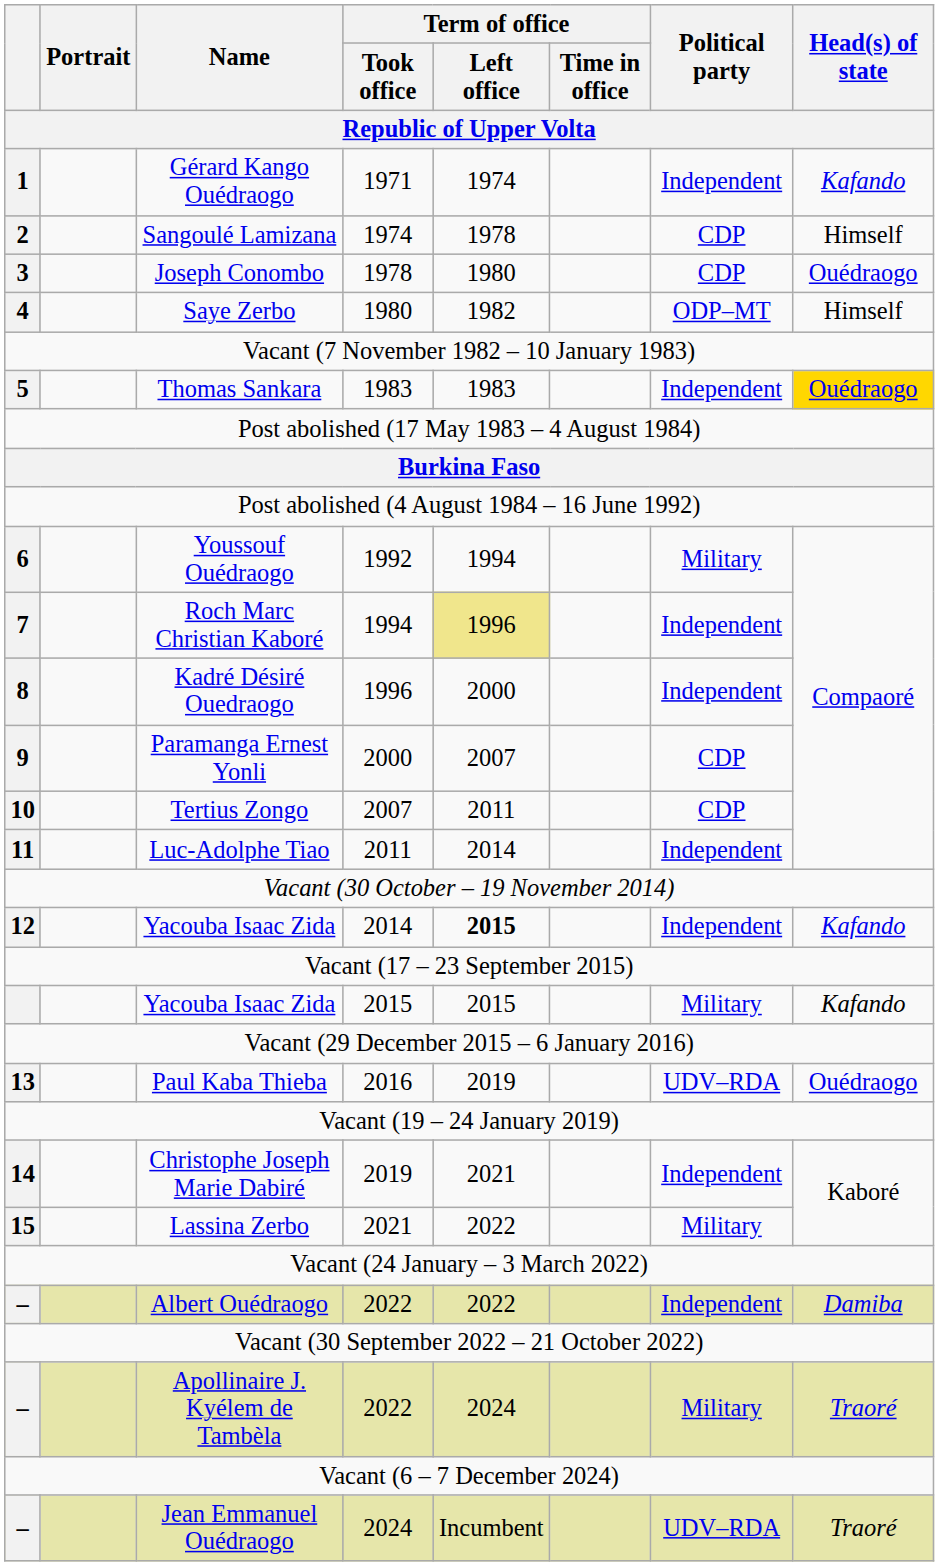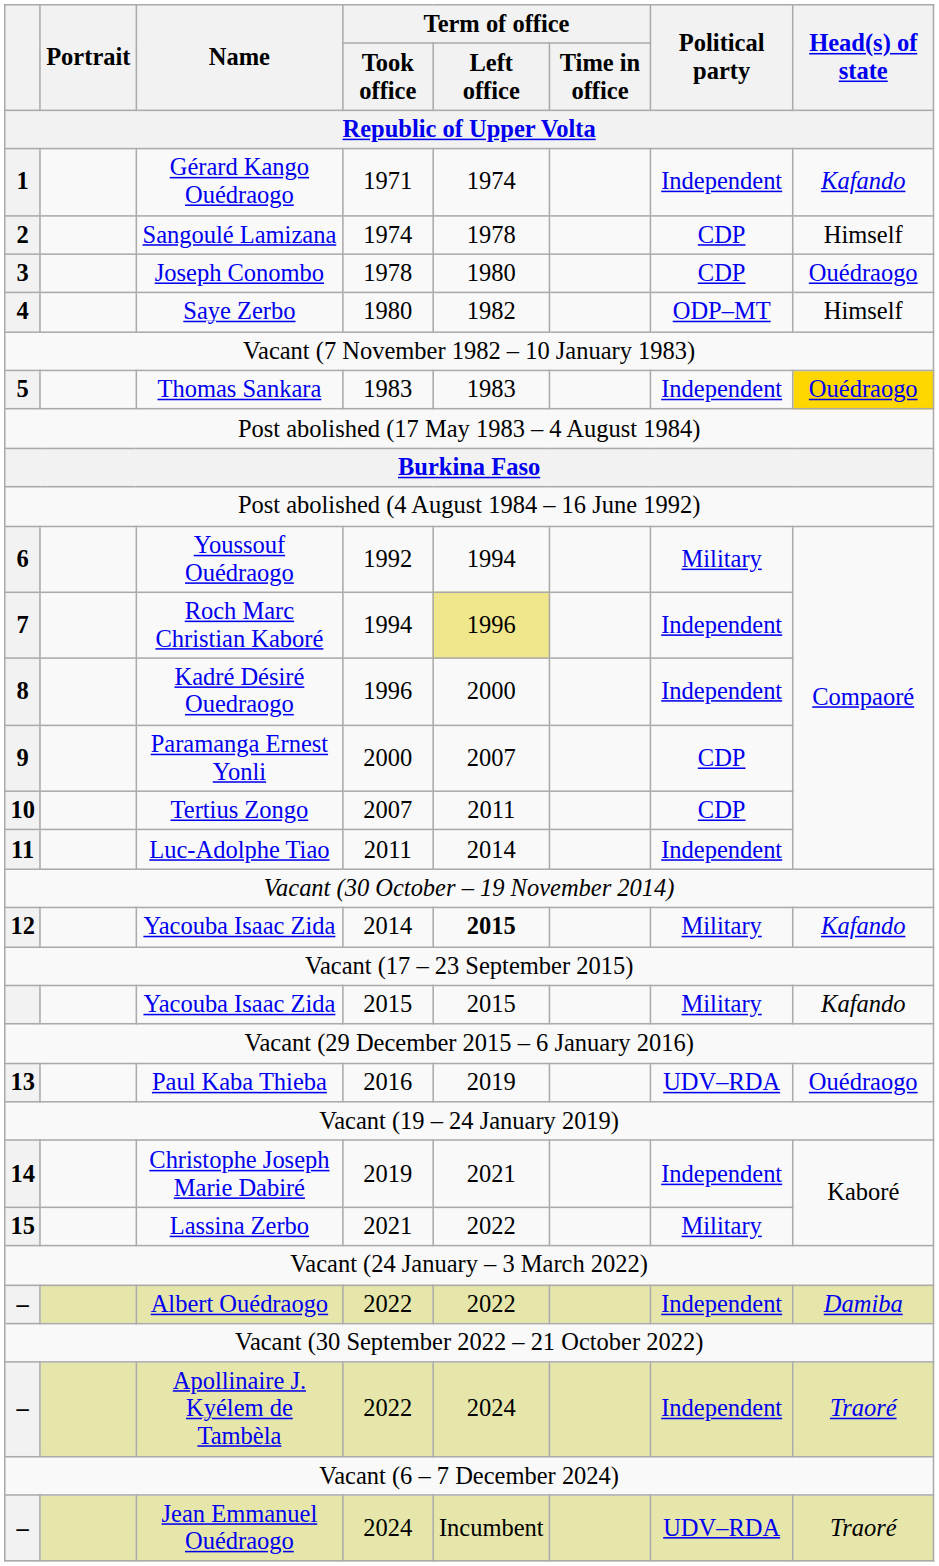 <table class="wikitable" style="text-align:center">
 <tr>
 <th rowspan="2"></th>
 <th rowspan="2">Portrait</th>
 <th rowspan="2">Name<br></th>
 <th colspan="3">Term of office</th>
 <th rowspan="2">Political party</th>
 <th rowspan="2"><a href='#'>Head(s) of state</a></th>
 </tr>
 <tr>
 <th>Took office</th>
 <th>Left office</th>
 <th>Time in office</th>
 </tr>
 <tr>
 <th colspan="8"><a href='#'>Republic of Upper Volta</a></th>
 </tr>
 <tr>
 <th style="background:">1</th>
 <td></td>
 <td><a href='#'>Gérard Kango Ouédraogo</a><br></td>
 <td> 1971</td>
 <td> 1974<br></td>
 <td></td>
 <td><a href='#'>Independent</a></td>
 <td><em><a href='#'>Kafando</a></em></td>
 </tr>
 <tr>
 <th style="background:">2</th>
 <td></td>
 <td><a href='#'>Sangoulé Lamizana</a><br></td>
 <td> 1974</td>
 <td> 1978</td>
 <td></td>
 <td><a href='#'>CDP</a></td>
 <td>Himself</td>
 </tr>
 <tr>
 <th style="background:">3</th>
 <td></td>
 <td><a href='#'>Joseph Conombo</a><br></td>
 <td> 1978</td>
 <td> 1980<br></td>
 <td></td>
 <td><a href='#'>CDP</a></td>
 <td><a href='#'>Ouédraogo</a></td>
 </tr>
 <tr>
 <th style="background:">4</th>
 <td></td>
 <td><a href='#'>Saye Zerbo</a><br></td>
 <td> 1980</td>
 <td> 1982<br></td>
 <td></td>
 <td><a href='#'>ODP–MT</a></td>
 <td>Himself</td>
 </tr>
 <tr>
 <td colspan="8">Vacant (7 November 1982 – 10 January 1983)</td>
 </tr>
 <tr>
 <th style="background:">5</th>
 <td></td>
 <td><a href='#'>Thomas Sankara</a><br></td>
 <td> 1983</td>
 <td> 1983<br></td>
 <td></td>
 <td><a href='#'>Independent</a></td>
 <td style="background: gold;"><a href='#'>Ouédraogo</a></td>
 </tr>
 <tr>
 <td colspan="8">Post abolished (17 May 1983 – 4 August 1984)</td>
 </tr>
 <tr>
 <th colspan="8"><a href='#'>Burkina Faso</a></th>
 </tr>
 <tr>
 <td colspan="8">Post abolished (4 August 1984 – 16 June 1992)</td>
 </tr>
 <tr>
 <th style="background:">6</th>
 <td></td>
 <td><a href='#'>Youssouf Ouédraogo</a><br></td>
 <td> 1992</td>
 <td> 1994</td>
 <td></td>
 <td><a href='#'>Military</a></td>
 <td rowspan=6><a href='#'>Compaoré</a></td>
 </tr>
 <tr>
 <th style="background:">7</th>
 <td></td>
 <td><a href='#'>Roch Marc Christian Kaboré</a><br></td>
 <td> 1994</td>
 <td style="background: khaki;"> 1996</td>
 <td></td>
 <td><a href='#'>Independent</a></td>
 </tr>
 <tr>
 <th style="background:">8</th>
 <td></td>
 <td><a href='#'>Kadré Désiré Ouedraogo</a><br></td>
 <td> 1996</td>
 <td> 2000</td>
 <td></td>
 <td><a href='#'>Independent</a></td>
 </tr>
 <tr>
 <th style="background:">9</th>
 <td></td>
 <td><a href='#'>Paramanga Ernest Yonli</a><br></td>
 <td> 2000</td>
 <td> 2007</td>
 <td></td>
 <td><a href='#'>CDP</a></td>
 </tr>
 <tr>
 <th style="background:">10</th>
 <td></td>
 <td><a href='#'>Tertius Zongo</a><br></td>
 <td> 2007</td>
 <td> 2011<br></td>
 <td></td>
 <td><a href='#'>CDP</a></td>
 </tr>
 <tr>
 <th style="background:">11</th>
 <td></td>
 <td><a href='#'>Luc-Adolphe Tiao</a><br></td>
 <td> 2011</td>
 <td> 2014<br></td>
 <td></td>
 <td><a href='#'>Independent</a></td>
 </tr>
 <tr>
 <td colspan="8"><em>Vacant (30 October – 19 November 2014)</em></td>
 </tr>
 <tr>
 <th style="background:">12</th>
 <td></td>
 <td><a href='#'>Yacouba Isaac Zida</a><br></td>
 <td> 2014</td>
 <td><strong> 2015<br></strong></td>
 <td></td>
-<td><a href='#'>Independent</a></td>
+<td><a href='#'>Military</a><br></td>
 <td><em><a href='#'>Kafando</a></em></td>
 </tr>
 <tr>
 <td colspan="8">Vacant (17 – 23 September 2015)</td>
 </tr>
 <tr>
 <th style="background:"></th>
 <td></td>
 <td><a href='#'>Yacouba Isaac Zida</a><br></td>
 <td> 2015<br></td>
 <td> 2015</td>
 <td></td>
 <td><a href='#'>Military</a></td>
 <td><em>Kafando</em></td>
 </tr>
 <tr>
 <td colspan="8">Vacant (29 December 2015 – 6 January 2016)</td>
 </tr>
 <tr>
 <th style="background:">13</th>
 <td></td>
 <td><a href='#'>Paul Kaba Thieba</a><br></td>
 <td> 2016</td>
 <td> 2019<br></td>
 <td></td>
 <td><a href='#'>UDV–RDA</a></td>
 <td><a href='#'>Ouédraogo</a></td>
 </tr>
 <tr>
 <td colspan="8">Vacant (19 – 24 January 2019)</td>
 </tr>
 <tr>
 <th style="background:">14</th>
 <td></td>
 <td><a href='#'>Christophe Joseph Marie Dabiré</a><br></td>
 <td> 2019</td>
 <td> 2021</td>
 <td></td>
 <td><a href='#'>Independent</a></td>
 <td rowspan=2>Kaboré</td>
 </tr>
 <tr>
 <th style="background:">15</th>
 <td></td>
 <td><a href='#'>Lassina Zerbo</a><br></td>
 <td> 2021</td>
 <td> 2022<br></td>
 <td></td>
 <td><a href='#'>Military</a></td>
 </tr>
 <tr>
 <td colspan="8">Vacant (24 January – 3 March 2022)</td>
 </tr>
 <tr style="background:#e6e6aa;">
 <th style="background:">–</th>
 <td></td>
 <td><a href='#'>Albert Ouédraogo</a><br></td>
 <td> 2022</td>
 <td> 2022<br></td>
 <td></td>
 <td><a href='#'>Independent</a></td>
 <td><em><a href='#'>Damiba</a></em></td>
 </tr>
 <tr>
 <td colspan="8">Vacant (30 September 2022 – 21 October 2022)</td>
 </tr>
 <tr style="background:#e6e6aa;">
 <th style="background:">–</th>
 <td></td>
 <td><a href='#'>Apollinaire J. Kyélem de Tambèla</a><br></td>
 <td> 2022</td>
 <td> 2024</td>
 <td></td>
-<td><a href='#'>Military</a><br></td>
+<td><a href='#'>Independent</a></td>
 <td><em><a href='#'>Traoré</a></em></td>
 </tr>
 <tr>
 <td colspan="8">Vacant (6 – 7 December 2024)</td>
 </tr>
 <tr style="background:#e6e6aa;">
 <th style="background:">–</th>
 <td></td>
 <td><a href='#'>Jean Emmanuel Ouédraogo</a><br></td>
 <td> 2024</td>
 <td>Incumbent</td>
 <td></td>
 <td><a href='#'>UDV–RDA</a></td>
 <td><em>Traoré</em></td>
 </tr>
 </table>
